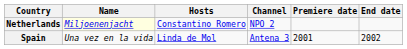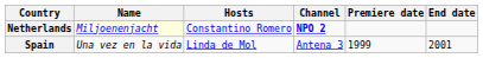 <table class="wikitable sortable">
 <tr>
 <th scope="col">Country</th>
 <th scope="col">Name</th>
 <th scope="col">Hosts</th>
 <th scope="col">Channel</th>
 <th scope="col">Premiere date</th>
 <th scope="col">End date</th>
 </tr>
 <tr>
 <th scope="row" style="background color: #F5A9A9">Netherlands</th>
 <td style="background: lightyellow;"><em><a href='#'>Miljoenenjacht</a></em></td>
 <td><a href='#'>Constantino Romero</a></td>
-<td><a href='#'>NPO 2</a></td>
+<td><strong><a href='#'>NPO 2</a></strong></td>
 <td></td>
 <td></td>
 </tr>
 <tr>
 <th scope="row" style="background color: #F5A9A9">Spain</th>
 <td><em>Una vez en la vida</em></td>
 <td><a href='#'>Linda de Mol</a></td>
 <td><a href='#'>Antena 3</a></td>
+<td>1999</td>
 <td>2001</td>
-<td>2002</td>
 </tr>
 </table>
